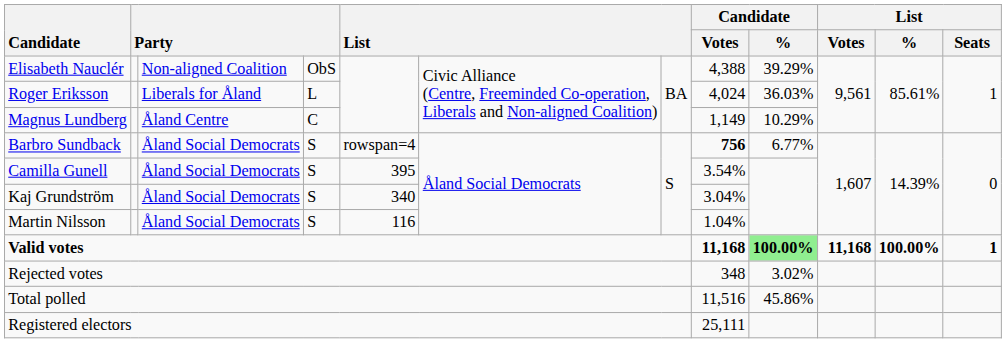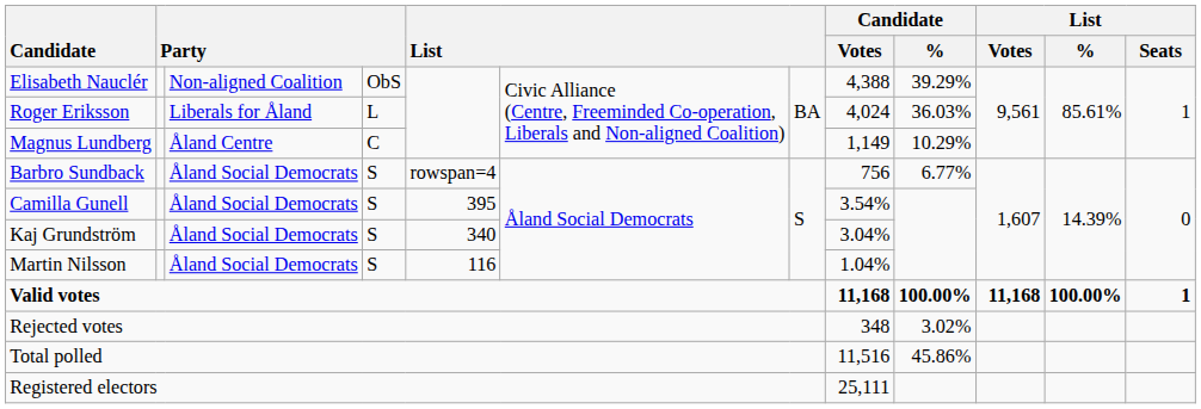 <table class="wikitable" border="1" style="text-align:right;">
 <tr>
 <th ! style="text-align:left;" valign=bottom rowspan=2>Candidate</th>
 <th style="text-align:left;" valign=bottom rowspan=2 colspan=3>Party</th>
 <th style="text-align:left;" valign=bottom rowspan=2 colspan=3>List</th>
 <th colspan=2>Candidate</th>
 <th colspan=3>List</th>
 </tr>
 <tr>
 <th align=center valign=bottom width="50">Votes</th>
 <th align=center valign=bottom width="50">%</th>
 <th align=center valign=bottom width="50">Votes</th>
 <th align=center valign=bottom width="50">%</th>
 <th align=center valign=bottom width="50">Seats</th>
 </tr>
 <tr>
 <td align=left><a href='#'>Elisabeth Nauclér</a></td>
 <td></td>
 <td align=left><a href='#'>Non-aligned Coalition</a></td>
 <td align=left>ObS</td>
 <td rowspan=3></td>
 <td rowspan=3 align=left>Civic Alliance<br>(<a href='#'>Centre</a>, <a href='#'>Freeminded Co-operation</a>,<br><a href='#'>Liberals</a> and <a href='#'>Non-aligned Coalition</a>)</td>
 <td rowspan=3 align=left>BA</td>
 <td>4,388</td>
 <td>39.29%</td>
 <td rowspan=3>9,561</td>
 <td rowspan=3>85.61%</td>
 <td rowspan=3>1</td>
 </tr>
 <tr>
 <td align=left><a href='#'>Roger Eriksson</a></td>
 <td></td>
 <td align=left><a href='#'>Liberals for Åland</a></td>
 <td align=left>L</td>
 <td>4,024</td>
 <td>36.03%</td>
 </tr>
 <tr>
 <td align=left><a href='#'>Magnus Lundberg</a></td>
 <td></td>
 <td align=left><a href='#'>Åland Centre</a></td>
 <td align=left>C</td>
 <td>1,149</td>
 <td>10.29%</td>
 </tr>
 <tr>
 <td align=left><a href='#'>Barbro Sundback</a></td>
 <td></td>
 <td align=left><a href='#'>Åland Social Democrats</a></td>
 <td align=left>S</td>
 <td>rowspan=4 </td>
 <td rowspan=4 align=left><a href='#'>Åland Social Democrats</a></td>
 <td rowspan=4 align=left>S</td>
-<td><strong>756</strong></td>
+<td>756</td>
 <td>6.77%</td>
 <td rowspan=4>1,607</td>
 <td rowspan=4>14.39%</td>
 <td rowspan=4>0</td>
 </tr>
 <tr>
 <td align=left><a href='#'>Camilla Gunell</a></td>
 <td></td>
 <td align=left><a href='#'>Åland Social Democrats</a></td>
 <td align=left>S</td>
 <td>395</td>
 <td>3.54%</td>
 </tr>
 <tr>
 <td align=left>Kaj Grundström</td>
 <td></td>
 <td align=left><a href='#'>Åland Social Democrats</a></td>
 <td align=left>S</td>
 <td>340</td>
 <td>3.04%</td>
 </tr>
 <tr>
 <td align=left>Martin Nilsson</td>
 <td></td>
 <td align=left><a href='#'>Åland Social Democrats</a></td>
 <td align=left>S</td>
 <td>116</td>
 <td>1.04%</td>
 </tr>
 <tr style="font-weight:bold">
 <td align=left colspan=7>Valid votes</td>
 <td>11,168</td>
-<td style="background: lightgreen;">100.00%</td>
+<td>100.00%</td>
 <td>11,168</td>
 <td>100.00%</td>
 <td>1</td>
 </tr>
 <tr>
 <td align=left colspan=7>Rejected votes</td>
 <td>348</td>
 <td>3.02%</td>
 <td></td>
 <td></td>
 <td></td>
 </tr>
 <tr>
 <td align=left colspan=7>Total polled</td>
 <td>11,516</td>
 <td>45.86%</td>
 <td></td>
 <td></td>
 <td></td>
 </tr>
 <tr>
 <td align=left colspan=7>Registered electors</td>
 <td>25,111</td>
 <td></td>
 <td></td>
 <td></td>
 <td></td>
 </tr>
 </table>
